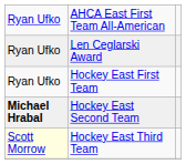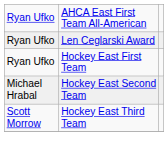 <table class="wikitable" width=40%>
 <tr>
 <td><a href='#'>Ryan Ufko</a></td>
 <td rowspan=1><a href='#'>AHCA East First Team All-American</a></td>
 <td rowspan=1></td>
 </tr>
 <tr bgcolor=f0f0f0>
 <td>Ryan Ufko</td>
 <td><a href='#'>Len Ceglarski Award</a></td>
 <td></td>
 </tr>
 <tr>
 <td>Ryan Ufko</td>
 <td rowspan=1><a href='#'>Hockey East First Team</a></td>
 <td rowspan=1></td>
 </tr>
 <tr bgcolor=f0f0f0>
-<td><strong>Michael Hrabal</strong></td>
+<td>Michael Hrabal</td>
 <td rowspan=1><a href='#'>Hockey East Second Team</a></td>
 <td rowspan=1></td>
 </tr>
 <tr>
-<td style="background: lightyellow;"><a href='#'>Scott Morrow</a></td>
+<td><a href='#'>Scott Morrow</a></td>
 <td rowspan=1><a href='#'>Hockey East Third Team</a></td>
 <td rowspan=1></td>
 </tr>
 <tr>
 </tr>
 </table>
